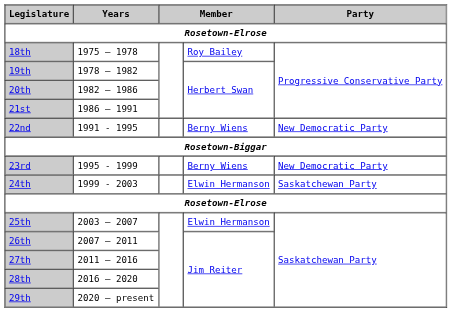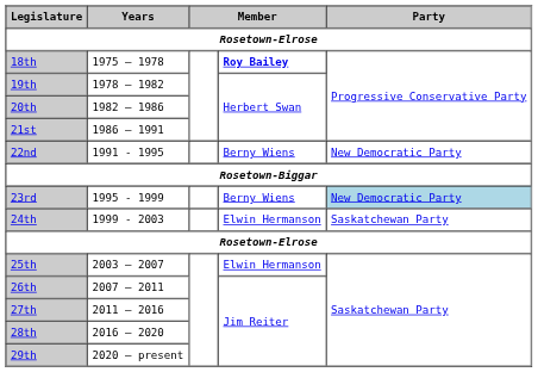 <table border=1 cellpadding=5 cellspacing=0>
 <tr bgcolor="CCCCCC">
 <th>Legislature</th>
 <th>Years</th>
 <th colspan="2">Member</th>
 <th>Party</th>
 </tr>
 <tr>
 <td colspan="5" align="center"><strong><em>Rosetown-Elrose</em></strong></td>
 </tr>
 <tr>
 <td bgcolor="CCCCCC"><a href='#'>18th</a></td>
 <td>1975 – 1978</td>
 <td rowspan = "4" >   </td>
-<td><a href='#'>Roy Bailey</a></td>
+<td><strong><a href='#'>Roy Bailey</a></strong></td>
 <td rowspan = "4"><a href='#'>Progressive Conservative Party</a></td>
 </tr>
 <tr>
 <td bgcolor="CCCCCC"><a href='#'>19th</a></td>
 <td>1978 – 1982</td>
 <td rowspan = "3"><a href='#'>Herbert Swan</a></td>
 </tr>
 <tr>
 <td bgcolor="CCCCCC"><a href='#'>20th</a></td>
 <td>1982 – 1986</td>
 </tr>
 <tr>
 <td bgcolor="CCCCCC"><a href='#'>21st</a></td>
 <td>1986 – 1991</td>
 </tr>
 <tr>
 <td bgcolor="CCCCCC"><a href='#'>22nd</a></td>
 <td>1991 - 1995</td>
 <td>   </td>
 <td><a href='#'>Berny Wiens</a></td>
 <td><a href='#'>New Democratic Party</a></td>
 </tr>
 <tr>
 <td colspan="5" align="center"><strong><em>Rosetown-Biggar</em></strong></td>
 </tr>
 <tr>
 <td bgcolor="CCCCCC"><a href='#'>23rd</a></td>
 <td>1995 - 1999</td>
 <td>   </td>
 <td><a href='#'>Berny Wiens</a></td>
-<td><a href='#'>New Democratic Party</a></td>
+<td style="background: lightblue;"><a href='#'>New Democratic Party</a></td>
 </tr>
 <tr>
 <td bgcolor="CCCCCC"><a href='#'>24th</a></td>
 <td>1999 - 2003</td>
 <td>   </td>
 <td><a href='#'>Elwin Hermanson</a></td>
 <td><a href='#'>Saskatchewan Party</a></td>
 </tr>
 <tr>
 <td colspan="5" align="center"><strong><em>Rosetown-Elrose</em></strong></td>
 </tr>
 <tr>
 <td bgcolor="CCCCCC"><a href='#'>25th</a></td>
 <td>2003 – 2007</td>
 <td rowspan="5" >   </td>
 <td><a href='#'>Elwin Hermanson</a></td>
 <td rowspan="5"><a href='#'>Saskatchewan Party</a></td>
 </tr>
 <tr>
 <td bgcolor="CCCCCC"><a href='#'>26th</a></td>
 <td>2007 – 2011</td>
 <td rowspan="4"><a href='#'>Jim Reiter</a></td>
 </tr>
 <tr>
 <td bgcolor="CCCCCC"><a href='#'>27th</a></td>
 <td>2011 – 2016</td>
 </tr>
 <tr>
 <td bgcolor="CCCCCC"><a href='#'>28th</a></td>
 <td>2016 – 2020</td>
 </tr>
 <tr>
 <td bgcolor="CCCCCC"><a href='#'>29th</a></td>
 <td>2020 – present</td>
 </tr>
 </table>
